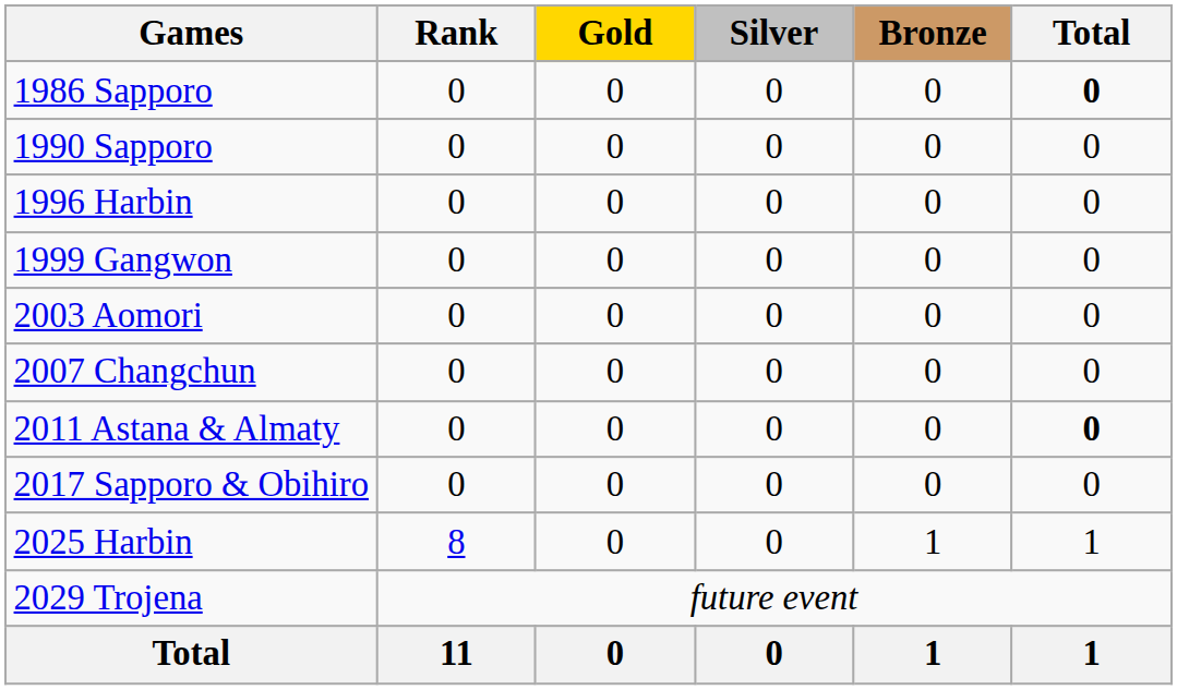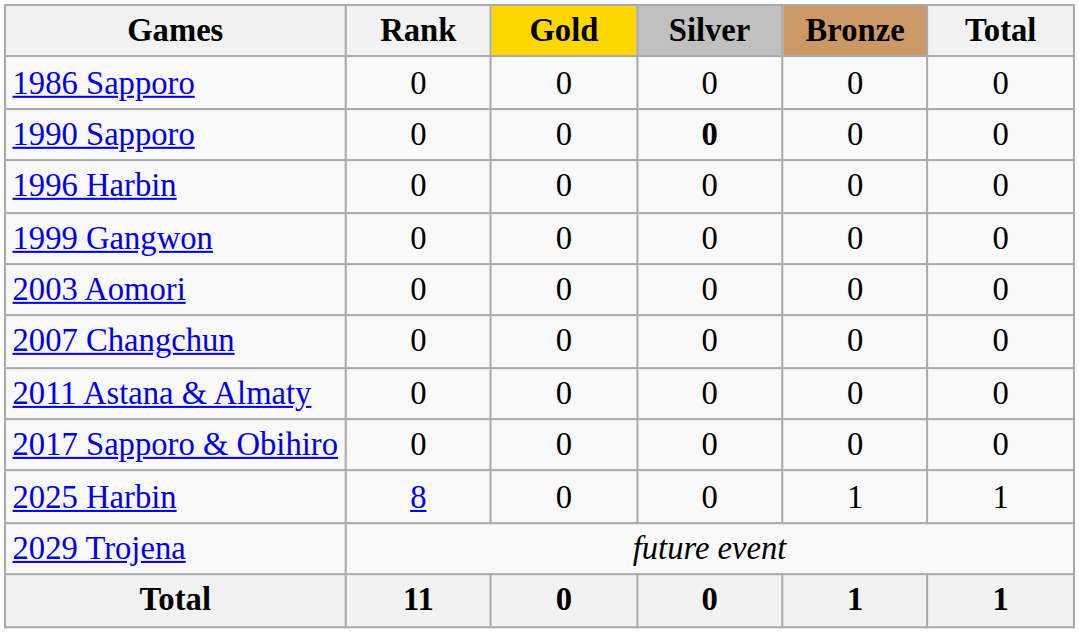 <table class="wikitable sortable" style="margin-top:0em; text-align:center; font-size:100%;">
 <tr>
 <th>Games</th>
 <th style="width:4em;">Rank</th>
 <th style="background:gold; width:4em;"><strong>Gold</strong></th>
 <th style="background:silver; width:4em;"><strong>Silver</strong></th>
 <th style="background:#cc9966; width:4em;"><strong>Bronze</strong></th>
 <th style="width:4em;">Total</th>
 </tr>
 <tr>
 <td align=left> <a href='#'>1986 Sapporo</a></td>
 <td>0</td>
 <td>0</td>
 <td>0</td>
 <td>0</td>
-<td><strong>0</strong></td>
+<td>0</td>
 </tr>
 <tr>
 <td align=left> <a href='#'>1990 Sapporo</a></td>
 <td>0</td>
 <td>0</td>
-<td>0</td>
+<td><strong>0</strong></td>
 <td>0</td>
 <td>0</td>
 </tr>
 <tr>
 <td align=left> <a href='#'>1996 Harbin</a></td>
 <td>0</td>
 <td>0</td>
 <td>0</td>
 <td>0</td>
 <td>0</td>
 </tr>
 <tr>
 <td align=left> <a href='#'>1999 Gangwon</a></td>
 <td>0</td>
 <td>0</td>
 <td>0</td>
 <td>0</td>
 <td>0</td>
 </tr>
 <tr>
 <td align=left> <a href='#'>2003 Aomori</a></td>
 <td>0</td>
 <td>0</td>
 <td>0</td>
 <td>0</td>
 <td>0</td>
 </tr>
 <tr>
 <td align=left> <a href='#'>2007 Changchun</a></td>
 <td>0</td>
 <td>0</td>
 <td>0</td>
 <td>0</td>
 <td>0</td>
 </tr>
 <tr>
 <td align=left> <a href='#'>2011 Astana & Almaty</a></td>
 <td>0</td>
 <td>0</td>
 <td>0</td>
 <td>0</td>
-<td><strong>0</strong></td>
+<td>0</td>
 </tr>
 <tr>
 <td align=left> <a href='#'>2017 Sapporo & Obihiro</a></td>
 <td>0</td>
 <td>0</td>
 <td>0</td>
 <td>0</td>
 <td>0</td>
 </tr>
 <tr>
 <td align=left> <a href='#'>2025 Harbin</a></td>
 <td><a href='#'>8</a></td>
 <td>0</td>
 <td>0</td>
 <td>1</td>
 <td>1</td>
 </tr>
 <tr>
 <td align=left> <a href='#'>2029 Trojena</a></td>
 <td colspan=6><em>future event</em></td>
 </tr>
 <tr>
 <th>Total</th>
 <th>11</th>
 <th>0</th>
 <th>0</th>
 <th>1</th>
 <th>1</th>
 </tr>
 </table>
